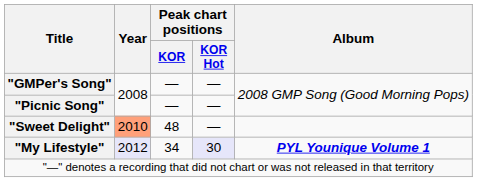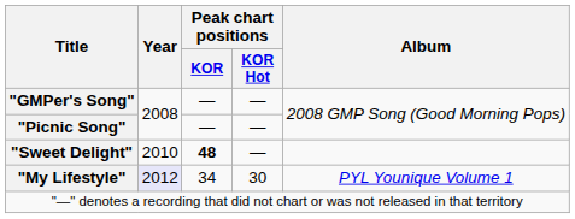 <table class="wikitable plainrowheaders" style="text-align:center">
 <tr>
 <th scope="col" rowspan="2">Title</th>
 <th scope="col" rowspan="2">Year</th>
 <th scope="col" colspan="2">Peak chart<br>positions</th>
 <th scope="col" rowspan="2">Album</th>
 </tr>
 <tr>
 <th scope="col" style="font-size:90%; width:3em"><a href='#'>KOR</a><br></th>
 <th scope="col" style="font-size:90%; width:3em"><a href='#'>KOR<br>Hot</a><br></th>
 </tr>
 <tr>
 <th scope="row">"GMPer's Song"<br></th>
 <td rowspan="2">2008</td>
 <td>—</td>
 <td>—</td>
 <td rowspan="2"><em>2008 GMP Song (Good Morning Pops)</em></td>
 </tr>
 <tr>
 <th scope="row">"Picnic Song"<br></th>
 <td>—</td>
 <td>—</td>
 </tr>
 <tr>
 <th scope="row">"Sweet Delight"</th>
-<td style="background: lightsalmon;">2010</td>
-<td>48</td>
+<td>2010</td>
+<td><strong>48</strong></td>
 <td>—</td>
 <td></td>
 </tr>
 <tr>
 <th scope="row">"My Lifestyle"<br></th>
 <td style="background: lavender;">2012</td>
 <td>34</td>
-<td style="background: lavender;">30</td>
-<td><strong><em><a href='#'>PYL Younique Volume 1</a></em></strong></td>
+<td>30</td>
+<td><em><a href='#'>PYL Younique Volume 1</a></em></td>
 </tr>
 <tr>
 <td colspan="5" style="font-size:85%">"—" denotes a recording that did not chart or was not released in that territory</td>
 </tr>
 </table>
